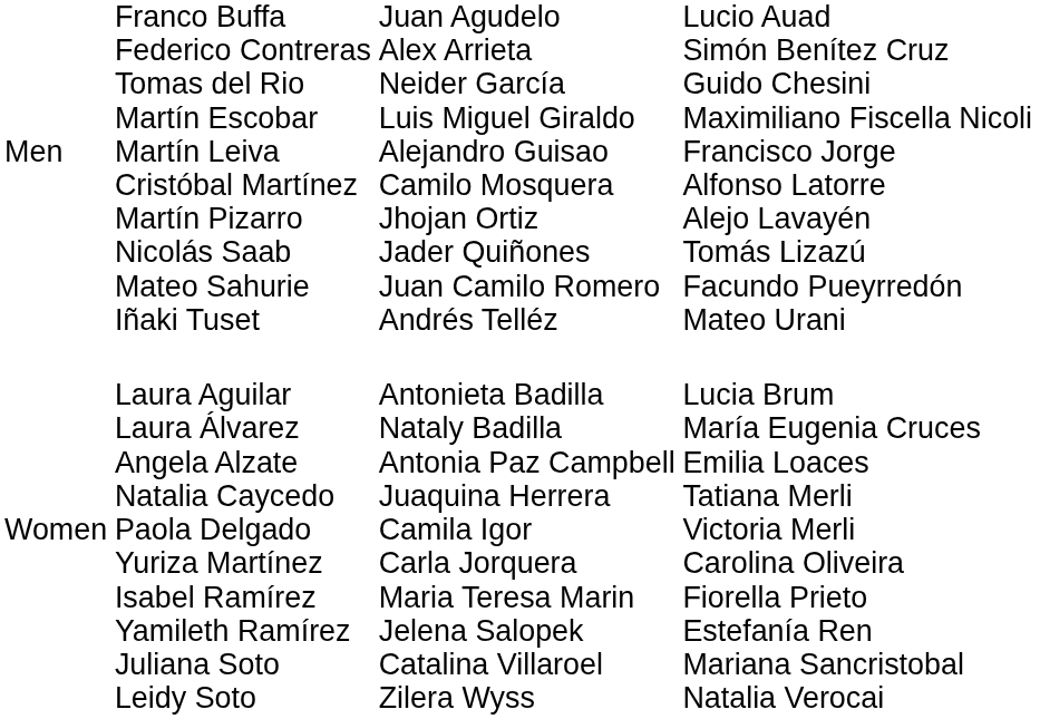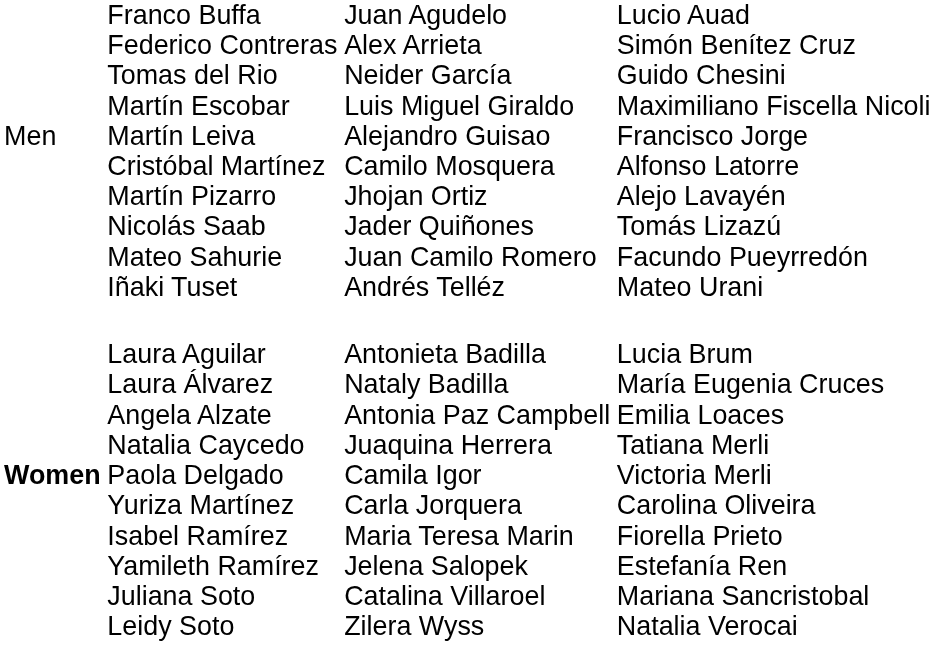 <table>
 <tr>
 <td>Men</td>
 <td nowrap><br>Franco Buffa<br>Federico Contreras<br>Tomas del Rio<br>Martín Escobar<br>Martín Leiva<br>Cristóbal Martínez<br>Martín Pizarro<br>Nicolás Saab<br>Mateo Sahurie<br>Iñaki Tuset</td>
 <td><br>Juan Agudelo<br>Alex Arrieta<br>Neider García<br>Luis Miguel Giraldo<br>Alejandro Guisao<br>Camilo Mosquera<br>Jhojan Ortiz<br>Jader Quiñones<br>Juan Camilo Romero<br>Andrés Telléz</td>
 <td nowrap><br>Lucio Auad<br>Simón Benítez Cruz<br>Guido Chesini<br>Maximiliano Fiscella Nicoli<br>Francisco Jorge<br>Alfonso Latorre<br>Alejo Lavayén<br>Tomás Lizazú<br>Facundo Pueyrredón<br>Mateo Urani</td>
 </tr>
 <tr>
-<td>Women</td>
+<td><strong>Women</strong></td>
 <td><br>Laura Aguilar<br>Laura Álvarez<br>Angela Alzate<br>Natalia Caycedo<br>Paola Delgado<br>Yuriza Martínez<br>Isabel Ramírez<br>Yamileth Ramírez<br>Juliana Soto<br>Leidy Soto</td>
 <td nowrap><br>Antonieta Badilla<br>Nataly Badilla<br>Antonia Paz Campbell<br>Juaquina Herrera<br>Camila Igor<br>Carla Jorquera<br>Maria Teresa Marin<br>Jelena Salopek<br>Catalina Villaroel<br>Zilera Wyss</td>
 <td><br>Lucia Brum<br>María Eugenia Cruces<br>Emilia Loaces<br>Tatiana Merli<br>Victoria Merli<br>Carolina Oliveira<br>Fiorella Prieto<br>Estefanía Ren<br>Mariana Sancristobal<br>Natalia Verocai</td>
 </tr>
 </table>
